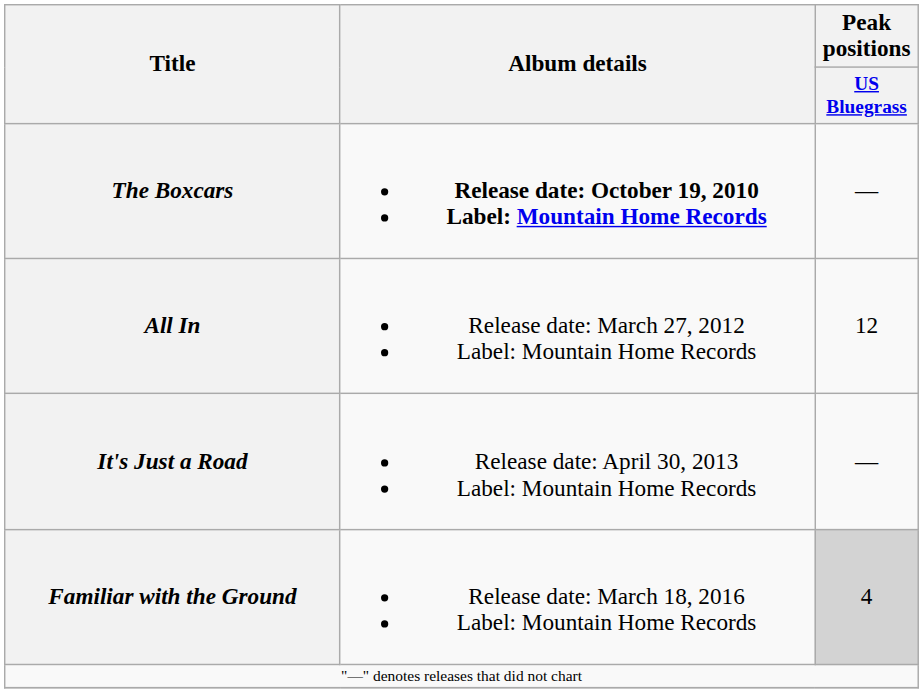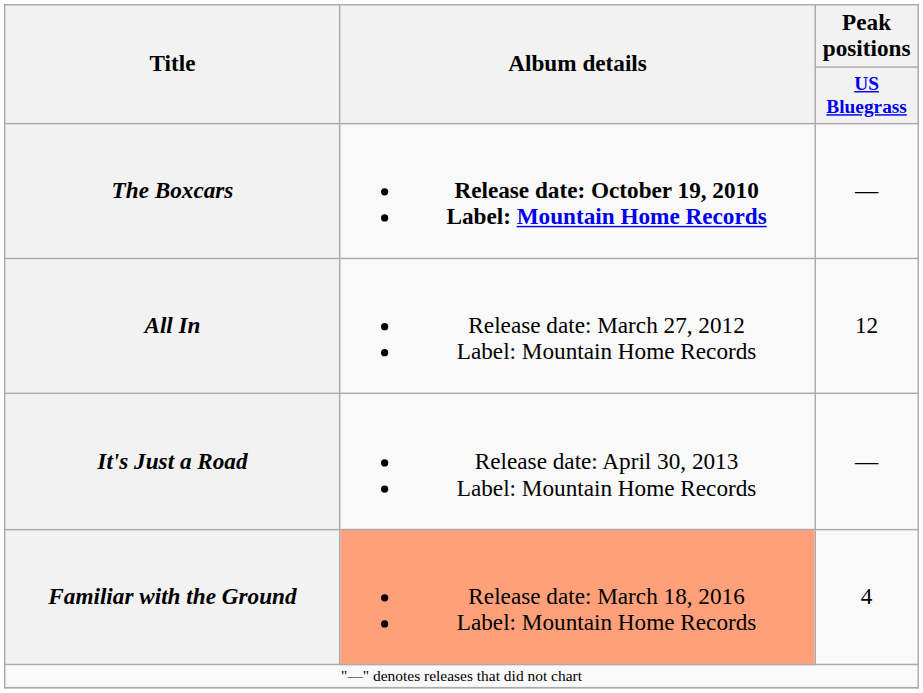 <table class="wikitable plainrowheaders" style="text-align:center;">
 <tr>
 <th rowspan="2" style="width:14em;">Title</th>
 <th rowspan="2" style="width:20em;">Album details</th>
 <th colspan="1">Peak positions</th>
 </tr>
 <tr style="font-size:smaller;">
 <th width="65"><a href='#'>US Bluegrass</a><br></th>
 </tr>
 <tr>
 <th scope="row"><em>The Boxcars</em></th>
 <td><strong><br><ul><li>Release date: October 19, 2010</li><li>Label: <a href='#'>Mountain Home Records</a></li></ul></strong></td>
 <td>—</td>
 </tr>
 <tr>
 <th scope="row"><em>All In</em></th>
 <td><br><ul><li>Release date: March 27, 2012</li><li>Label:  Mountain Home Records</li></ul></td>
 <td>12</td>
 </tr>
 <tr>
 <th scope="row"><em>It's Just a Road</em></th>
 <td><br><ul><li>Release date: April 30, 2013</li><li>Label: Mountain Home Records</li></ul></td>
 <td>—</td>
 </tr>
 <tr>
 <th scope="row"><em>Familiar with the Ground</em></th>
-<td><br><ul><li>Release date: March 18, 2016</li><li>Label: Mountain Home Records</li></ul></td>
-<td style="background: lightgrey;">4</td>
+<td style="background: lightsalmon;"><br><ul><li>Release date: March 18, 2016</li><li>Label: Mountain Home Records</li></ul></td>
+<td>4</td>
 </tr>
 <tr>
 <td colspan="3" style="font-size: 8pt">"—" denotes releases that did not chart</td>
 </tr>
 <tr>
 </tr>
 </table>
